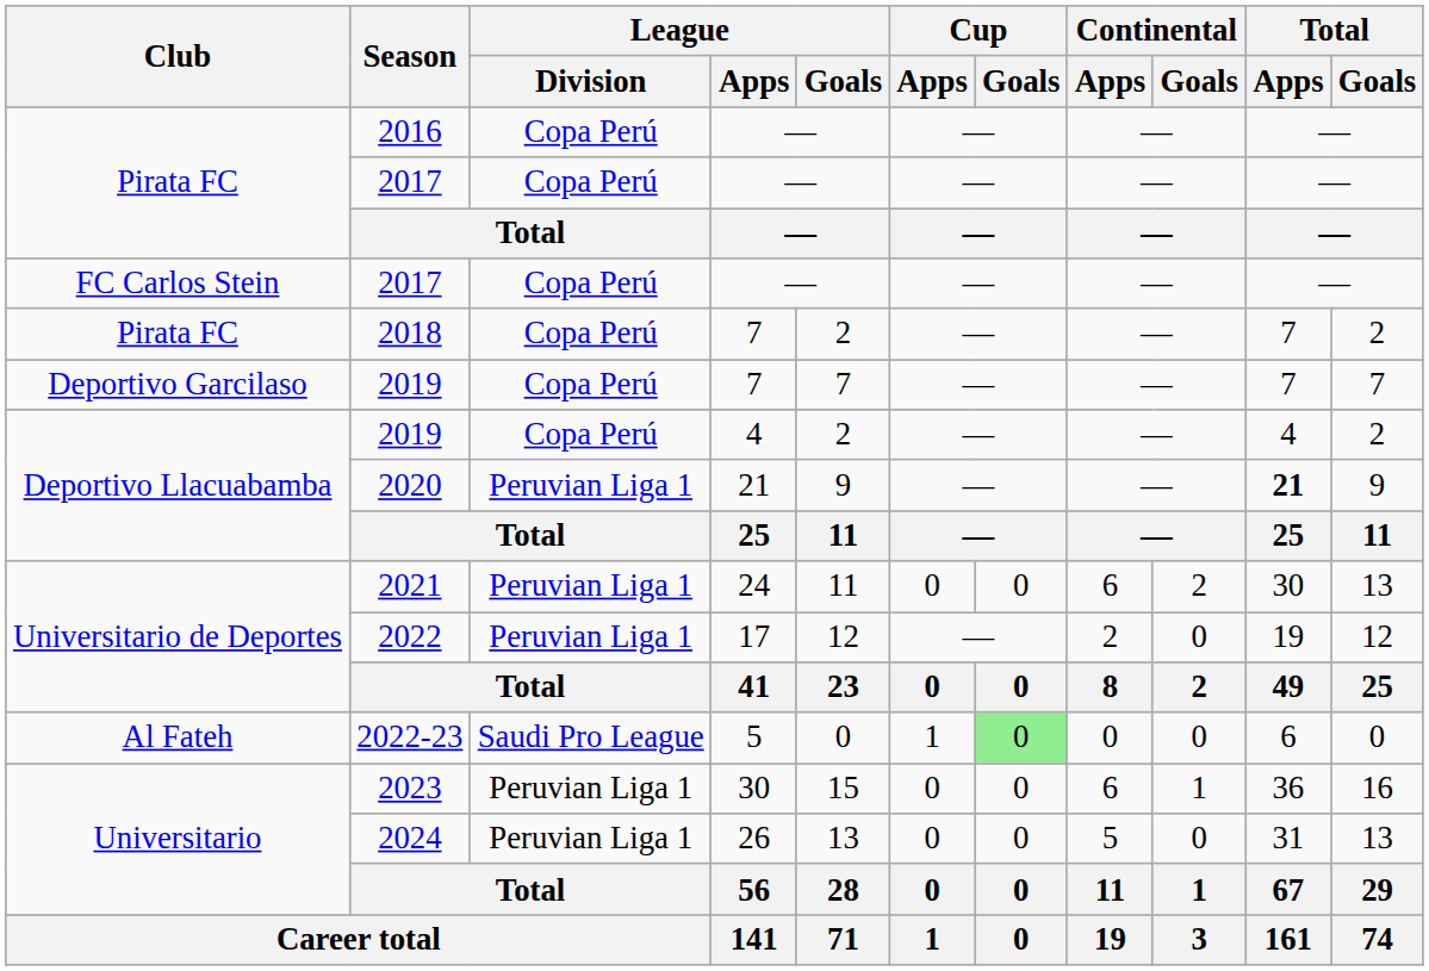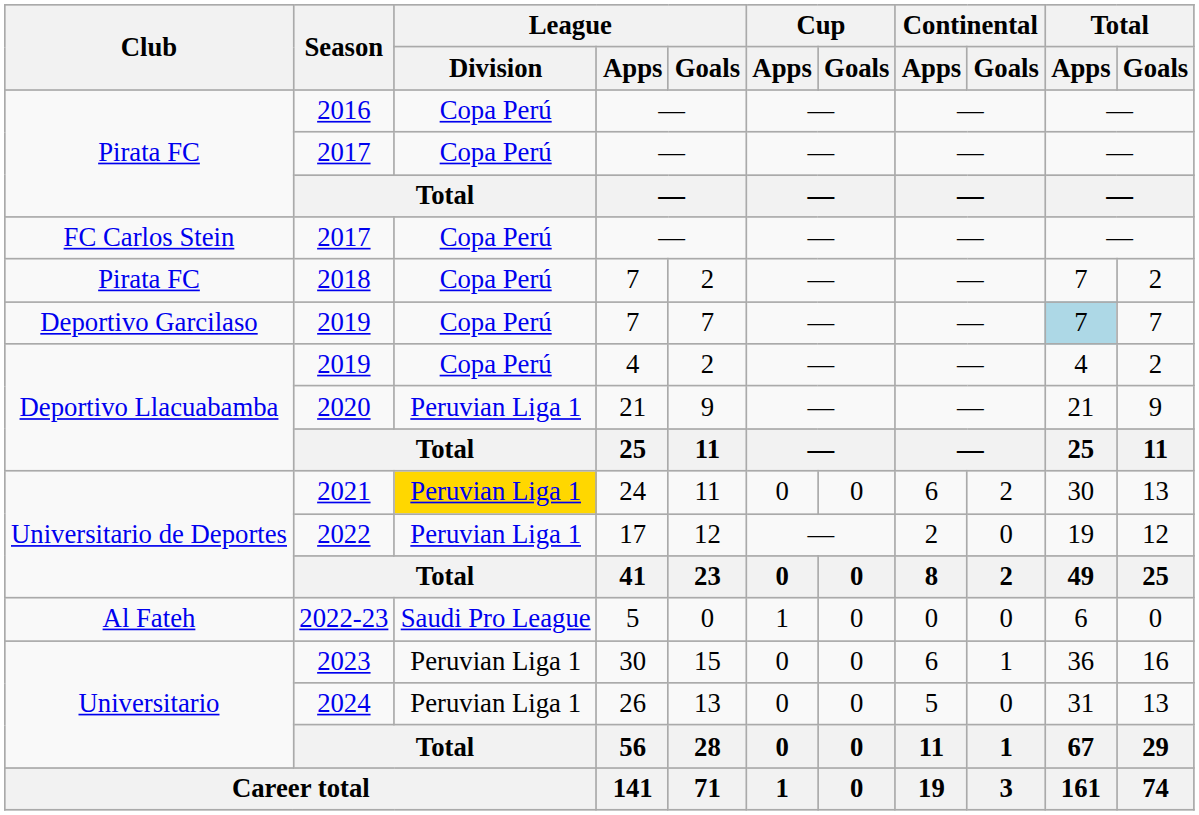 <table class="wikitable" style="text-align:center">
 <tr>
 <th rowspan="2">Club</th>
 <th rowspan="2">Season</th>
 <th colspan="3">League</th>
 <th colspan="2">Cup</th>
 <th colspan="2">Continental</th>
 <th colspan="2">Total</th>
 </tr>
 <tr>
 <th>Division</th>
 <th>Apps</th>
 <th>Goals</th>
 <th>Apps</th>
 <th>Goals</th>
 <th>Apps</th>
 <th>Goals</th>
 <th>Apps</th>
 <th>Goals</th>
 </tr>
 <tr>
 <td rowspan="3"><a href='#'>Pirata FC</a></td>
 <td><a href='#'>2016</a></td>
 <td><a href='#'>Copa Perú</a></td>
 <td colspan="2">—</td>
 <td colspan="2">—</td>
 <td colspan="2">—</td>
 <td colspan="2">—</td>
 </tr>
 <tr>
 <td><a href='#'>2017</a></td>
 <td><a href='#'>Copa Perú</a></td>
 <td colspan="2">—</td>
 <td colspan="2">—</td>
 <td colspan="2">—</td>
 <td colspan="2">—</td>
 </tr>
 <tr>
 <th colspan="2">Total</th>
 <th colspan="2">—</th>
 <th colspan="2">—</th>
 <th colspan="2">—</th>
 <th colspan="2">—</th>
 </tr>
 <tr>
 <td><a href='#'>FC Carlos Stein</a></td>
 <td><a href='#'>2017</a></td>
 <td><a href='#'>Copa Perú</a></td>
 <td colspan="2">—</td>
 <td colspan="2">—</td>
 <td colspan="2">—</td>
 <td colspan="2">—</td>
 </tr>
 <tr>
 <td><a href='#'>Pirata FC</a></td>
 <td><a href='#'>2018</a></td>
 <td><a href='#'>Copa Perú</a></td>
 <td>7</td>
 <td>2</td>
 <td colspan="2">—</td>
 <td colspan="2">—</td>
 <td>7</td>
 <td>2</td>
 </tr>
 <tr>
 <td><a href='#'>Deportivo Garcilaso</a></td>
 <td><a href='#'>2019</a></td>
 <td><a href='#'>Copa Perú</a></td>
 <td>7</td>
 <td>7</td>
 <td colspan="2">—</td>
 <td colspan="2">—</td>
-<td>7</td>
+<td style="background: lightblue;">7</td>
 <td>7</td>
 </tr>
 <tr>
 <td rowspan="3"><a href='#'>Deportivo Llacuabamba</a></td>
 <td><a href='#'>2019</a></td>
 <td><a href='#'>Copa Perú</a></td>
 <td>4</td>
 <td>2</td>
 <td colspan="2">—</td>
 <td colspan="2">—</td>
 <td>4</td>
 <td>2</td>
 </tr>
 <tr>
 <td><a href='#'>2020</a></td>
 <td><a href='#'>Peruvian Liga 1</a></td>
 <td>21</td>
 <td>9</td>
 <td colspan="2">—</td>
 <td colspan="2">—</td>
-<td><strong>21</strong></td>
+<td>21</td>
 <td>9</td>
 </tr>
 <tr>
 <th colspan="2">Total</th>
 <th>25</th>
 <th>11</th>
 <th colspan="2">—</th>
 <th colspan="2">—</th>
 <th>25</th>
 <th>11</th>
 </tr>
 <tr>
 <td rowspan="3"><a href='#'>Universitario de Deportes</a></td>
 <td><a href='#'>2021</a></td>
-<td><a href='#'>Peruvian Liga 1</a></td>
+<td style="background: gold;"><a href='#'>Peruvian Liga 1</a></td>
 <td>24</td>
 <td>11</td>
 <td>0</td>
 <td>0</td>
 <td>6</td>
 <td>2</td>
 <td>30</td>
 <td>13</td>
 </tr>
 <tr>
 <td><a href='#'>2022</a></td>
 <td><a href='#'>Peruvian Liga 1</a></td>
 <td>17</td>
 <td>12</td>
 <td colspan="2">—</td>
 <td>2</td>
 <td>0</td>
 <td>19</td>
 <td>12</td>
 </tr>
 <tr>
 <th colspan="2">Total</th>
 <th>41</th>
 <th>23</th>
 <th>0</th>
 <th>0</th>
 <th>8</th>
 <th>2</th>
 <th>49</th>
 <th>25</th>
 </tr>
 <tr>
 <td><a href='#'>Al Fateh</a></td>
 <td><a href='#'>2022-23</a></td>
 <td><a href='#'>Saudi Pro League</a></td>
 <td>5</td>
 <td>0</td>
 <td>1</td>
-<td style="background: lightgreen;">0</td>
+<td>0</td>
 <td>0</td>
 <td>0</td>
 <td>6</td>
 <td>0</td>
 </tr>
 <tr>
 <td rowspan="3"><a href='#'>Universitario</a></td>
 <td><a href='#'>2023</a></td>
 <td>Peruvian Liga 1</td>
 <td>30</td>
 <td>15</td>
 <td>0</td>
 <td>0</td>
 <td>6</td>
 <td>1</td>
 <td>36</td>
 <td>16</td>
 </tr>
 <tr>
 <td><a href='#'>2024</a></td>
 <td>Peruvian Liga 1</td>
 <td>26</td>
 <td>13</td>
 <td>0</td>
 <td>0</td>
 <td>5</td>
 <td>0</td>
 <td>31</td>
 <td>13</td>
 </tr>
 <tr>
 <th colspan="2">Total</th>
 <th>56</th>
 <th>28</th>
 <th>0</th>
 <th>0</th>
 <th>11</th>
 <th>1</th>
 <th>67</th>
 <th>29</th>
 </tr>
 <tr>
 <th colspan="3">Career total</th>
 <th>141</th>
 <th>71</th>
 <th>1</th>
 <th>0</th>
 <th>19</th>
 <th>3</th>
 <th>161</th>
 <th>74</th>
 </tr>
 </table>
